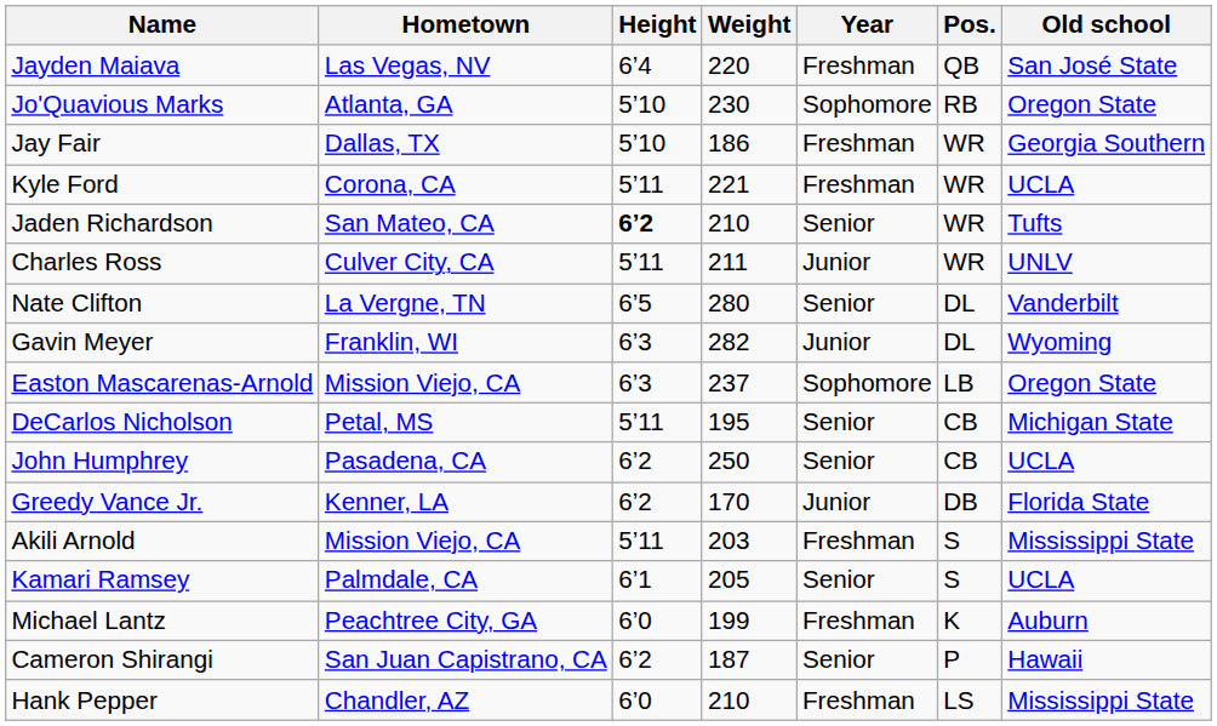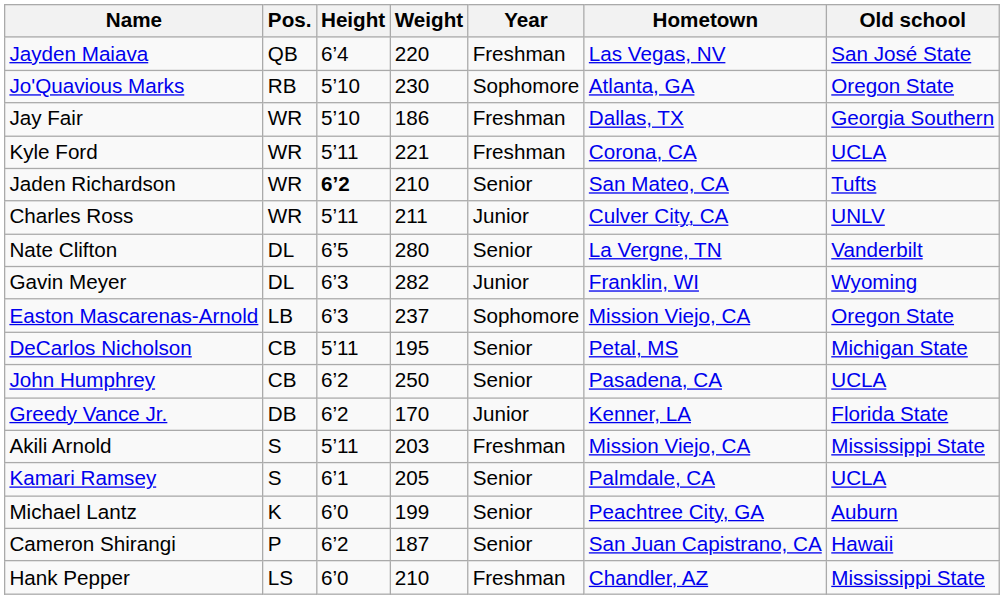 <table class="wikitable sortable">
 <tr>
 <th style="text-align:center; ">Name</th>
-<th style="text-align:center; ">Hometown</th>
+<th style="text-align:center;">Pos.</th>
 <th style="text-align:center; ">Height</th>
 <th style="text-align:center; ">Weight</th>
 <th style="text-align:center; ">Year</th>
-<th style="text-align:center;">Pos.</th>
+<th style="text-align:center; ">Hometown</th>
 <th style="text-align:center; ">Old school</th>
 </tr>
 <tr>
 <td><a href='#'>Jayden Maiava</a></td>
-<td><a href='#'>Las Vegas, NV</a></td>
+<td>QB</td>
 <td>6’4</td>
 <td>220</td>
 <td> Freshman</td>
-<td>QB</td>
+<td><a href='#'>Las Vegas, NV</a></td>
 <td><a href='#'>San José State</a></td>
 </tr>
 <tr>
 <td><a href='#'>Jo'Quavious Marks</a></td>
-<td><a href='#'>Atlanta, GA</a></td>
+<td>RB</td>
 <td>5’10</td>
 <td>230</td>
 <td>Sophomore</td>
-<td>RB</td>
+<td><a href='#'>Atlanta, GA</a></td>
 <td><a href='#'>Oregon State</a></td>
 </tr>
 <tr>
 <td>Jay Fair</td>
-<td><a href='#'>Dallas, TX</a></td>
+<td>WR</td>
 <td>5’10</td>
 <td>186</td>
 <td> Freshman</td>
-<td>WR</td>
+<td><a href='#'>Dallas, TX</a></td>
 <td><a href='#'>Georgia Southern</a></td>
 </tr>
 <tr>
 <td>Kyle Ford</td>
-<td><a href='#'>Corona, CA</a></td>
+<td>WR</td>
 <td>5’11</td>
 <td>221</td>
 <td> Freshman</td>
-<td>WR</td>
+<td><a href='#'>Corona, CA</a></td>
 <td><a href='#'>UCLA</a></td>
 </tr>
 <tr>
 <td>Jaden Richardson</td>
-<td><a href='#'>San Mateo, CA</a></td>
+<td>WR</td>
 <td><strong>6’2</strong></td>
 <td>210</td>
 <td>Senior</td>
-<td>WR</td>
+<td><a href='#'>San Mateo, CA</a></td>
 <td><a href='#'>Tufts</a></td>
 </tr>
 <tr>
 <td>Charles Ross</td>
-<td><a href='#'>Culver City, CA</a></td>
+<td>WR</td>
 <td>5’11</td>
 <td>211</td>
 <td> Junior</td>
-<td>WR</td>
+<td><a href='#'>Culver City, CA</a></td>
 <td><a href='#'>UNLV</a></td>
 </tr>
 <tr>
 <td>Nate Clifton</td>
-<td><a href='#'>La Vergne, TN</a></td>
+<td>DL</td>
 <td>6’5</td>
 <td>280</td>
 <td>Senior</td>
-<td>DL</td>
+<td><a href='#'>La Vergne, TN</a></td>
 <td><a href='#'>Vanderbilt</a></td>
 </tr>
 <tr>
 <td>Gavin Meyer</td>
-<td><a href='#'>Franklin, WI</a></td>
+<td>DL</td>
 <td>6’3</td>
 <td>282</td>
 <td>Junior</td>
-<td>DL</td>
+<td><a href='#'>Franklin, WI</a></td>
 <td><a href='#'>Wyoming</a></td>
 </tr>
 <tr>
 <td><a href='#'>Easton Mascarenas-Arnold</a></td>
-<td><a href='#'>Mission Viejo, CA</a></td>
+<td>LB</td>
 <td>6’3</td>
 <td>237</td>
 <td> Sophomore</td>
-<td>LB</td>
+<td><a href='#'>Mission Viejo, CA</a></td>
 <td><a href='#'>Oregon State</a></td>
 </tr>
 <tr>
 <td><a href='#'>DeCarlos Nicholson</a></td>
-<td><a href='#'>Petal, MS</a></td>
+<td>CB</td>
 <td>5’11</td>
 <td>195</td>
 <td>Senior</td>
-<td>CB</td>
+<td><a href='#'>Petal, MS</a></td>
 <td><a href='#'>Michigan State</a></td>
 </tr>
 <tr>
 <td><a href='#'>John Humphrey</a></td>
-<td><a href='#'>Pasadena, CA</a></td>
+<td>CB</td>
 <td>6’2</td>
 <td>250</td>
 <td>Senior</td>
-<td>CB</td>
+<td><a href='#'>Pasadena, CA</a></td>
 <td><a href='#'>UCLA</a></td>
 </tr>
 <tr>
 <td><a href='#'>Greedy Vance Jr.</a></td>
-<td><a href='#'>Kenner, LA</a></td>
+<td>DB</td>
 <td>6’2</td>
 <td>170</td>
 <td> Junior</td>
-<td>DB</td>
+<td><a href='#'>Kenner, LA</a></td>
 <td><a href='#'>Florida State</a></td>
 </tr>
 <tr>
 <td>Akili Arnold</td>
-<td><a href='#'>Mission Viejo, CA</a></td>
+<td>S</td>
 <td>5’11</td>
 <td>203</td>
 <td> Freshman</td>
-<td>S</td>
+<td><a href='#'>Mission Viejo, CA</a></td>
 <td><a href='#'>Mississippi State</a></td>
 </tr>
 <tr>
 <td><a href='#'>Kamari Ramsey</a></td>
-<td><a href='#'>Palmdale, CA</a></td>
+<td>S</td>
 <td>6’1</td>
 <td>205</td>
 <td> Senior</td>
-<td>S</td>
+<td><a href='#'>Palmdale, CA</a></td>
 <td><a href='#'>UCLA</a></td>
 </tr>
 <tr>
 <td>Michael Lantz</td>
-<td><a href='#'>Peachtree City, GA</a></td>
+<td>K</td>
 <td>6’0</td>
 <td>199</td>
-<td> Freshman</td>
-<td>K</td>
+<td> Senior</td>
+<td><a href='#'>Peachtree City, GA</a></td>
 <td><a href='#'>Auburn</a></td>
 </tr>
 <tr>
 <td>Cameron Shirangi</td>
-<td><a href='#'>San Juan Capistrano, CA</a></td>
+<td>P</td>
 <td>6’2</td>
 <td>187</td>
 <td>Senior</td>
-<td>P</td>
+<td><a href='#'>San Juan Capistrano, CA</a></td>
 <td><a href='#'>Hawaii</a></td>
 </tr>
 <tr>
 <td>Hank Pepper</td>
-<td><a href='#'>Chandler, AZ</a></td>
+<td>LS</td>
 <td>6’0</td>
 <td>210</td>
 <td> Freshman</td>
-<td>LS</td>
+<td><a href='#'>Chandler, AZ</a></td>
 <td><a href='#'>Mississippi State</a></td>
 </tr>
 </table>
